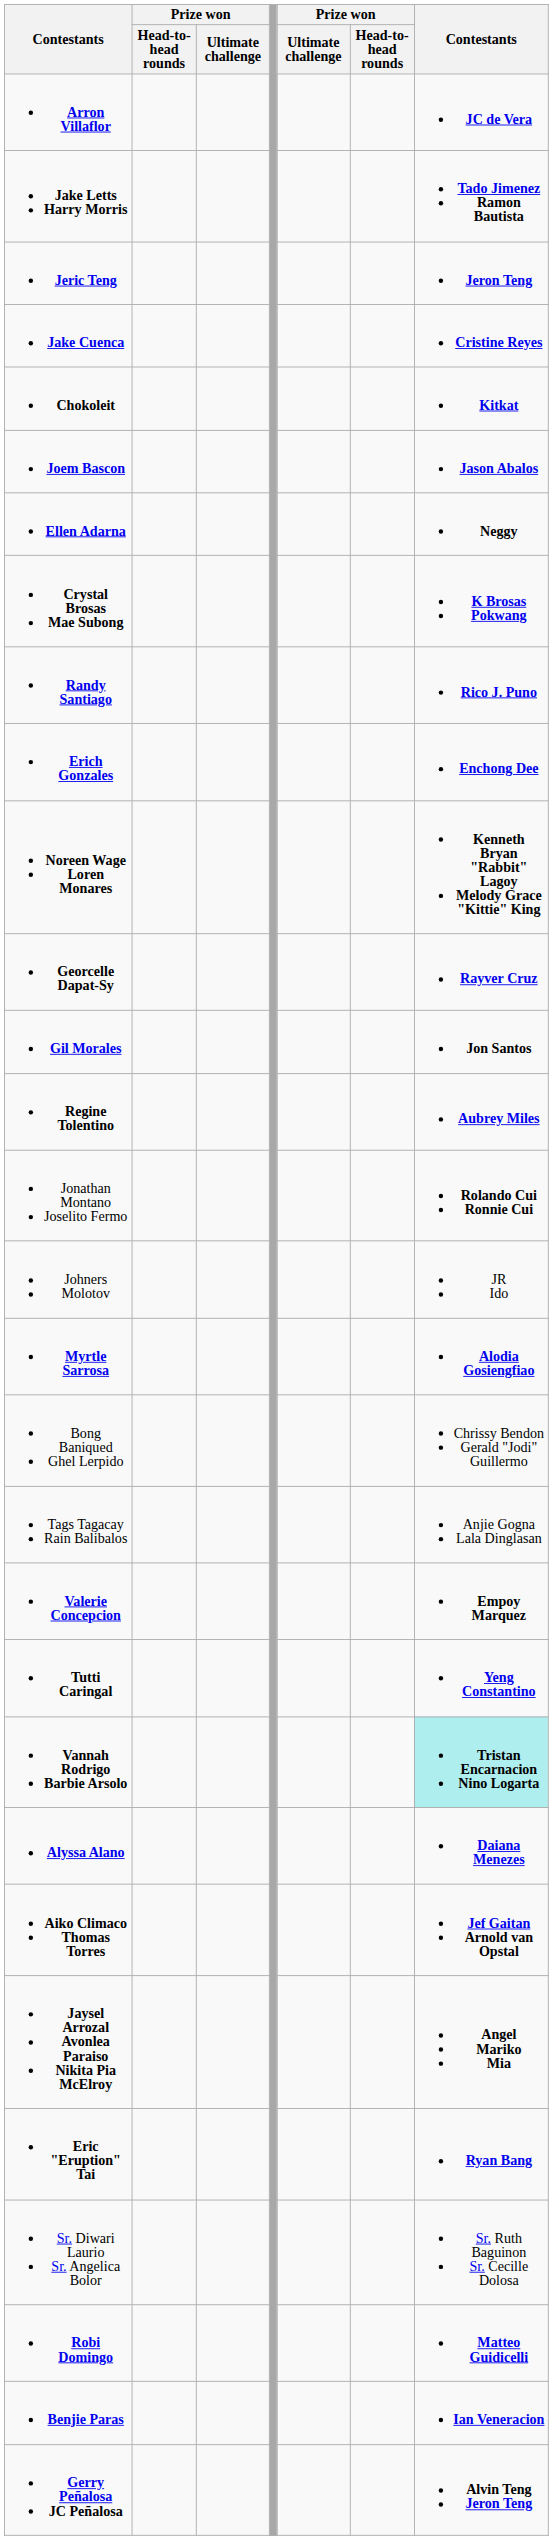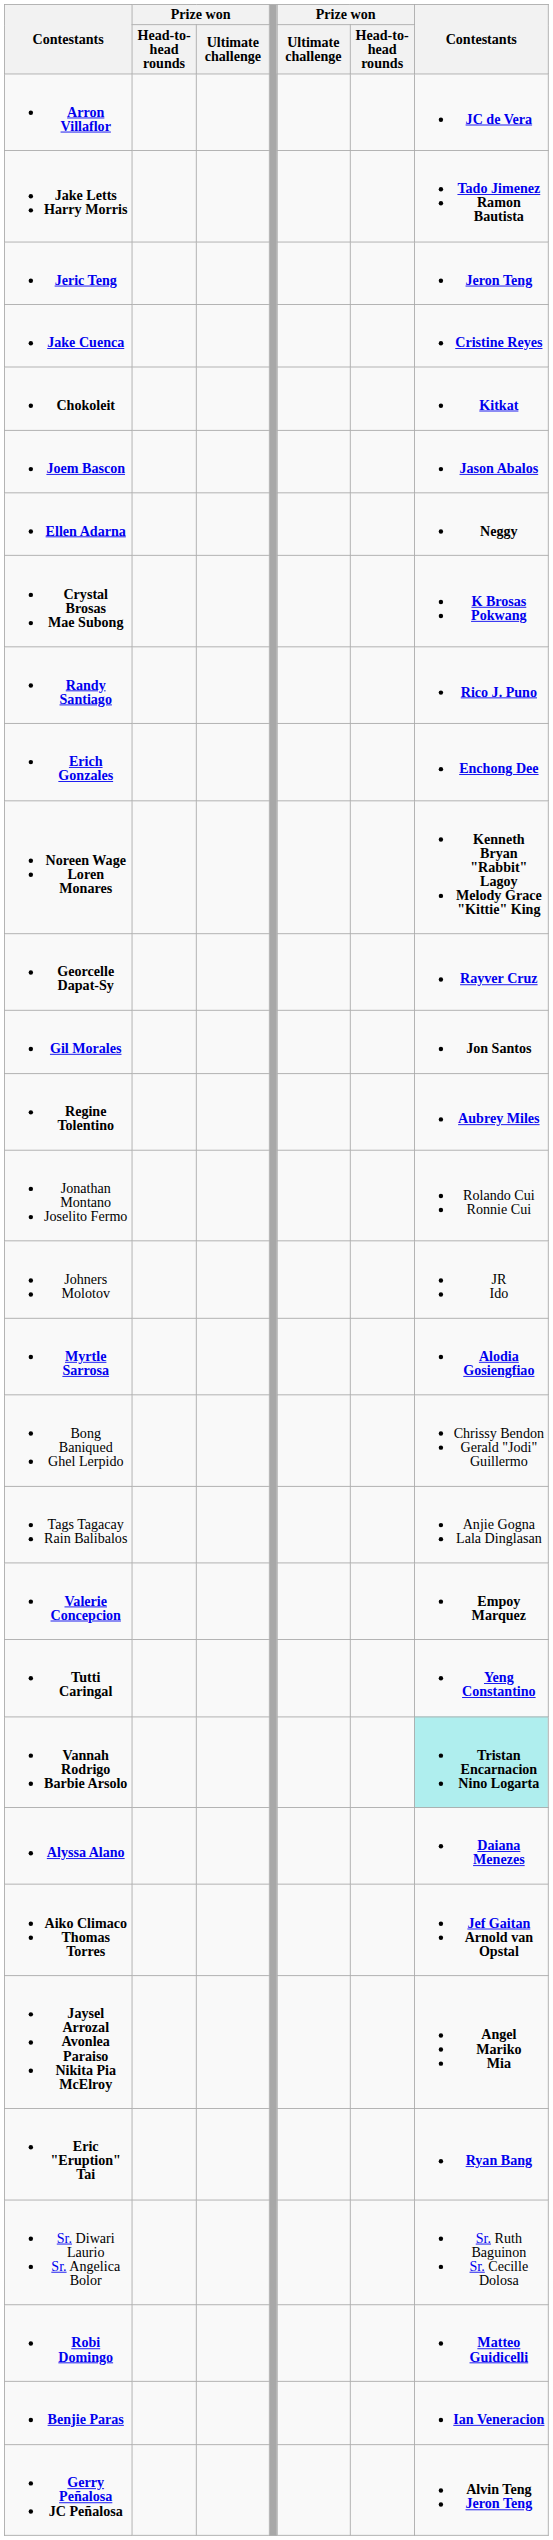 <table class="wikitable" style="text-align:center; line-height:16px; font-size:100%;" width="70%">
 <tr>
 <th rowspan="2" width="15%">Contestants</th>
 <th colspan="2" width="20%">Prize won</th>
 <th width="1%" rowspan="99" style="background:#A8A8A8;"></th>
 <th colspan="2" width="20%">Prize won</th>
 <th rowspan="2" width="15%">Contestants</th>
 </tr>
 <tr>
 <th width="10%">Head-to-head rounds</th>
 <th width="10%">Ultimate challenge</th>
 <th width="10%">Ultimate challenge</th>
 <th width="10%">Head-to-head rounds</th>
 </tr>
 <tr>
 <td><br><ul><li><strong><a href='#'>Arron Villaflor</a></strong></li></ul></td>
 <td><strong></strong></td>
 <td></td>
 <td></td>
 <td></td>
 <td><br><ul><li><strong><a href='#'>JC de Vera</a></strong></li></ul></td>
 </tr>
 <tr>
 <td><br><ul><li><strong>Jake Letts</strong></li><li><strong>Harry Morris</strong></li></ul></td>
 <td><strong></strong></td>
 <td><strong></strong></td>
 <td></td>
 <td></td>
 <td><br><ul><li><strong><a href='#'>Tado Jimenez</a></strong></li><li><strong>Ramon Bautista</strong></li></ul></td>
 </tr>
 <tr>
 <td><br><ul><li><strong><a href='#'>Jeric Teng</a></strong></li></ul></td>
 <td></td>
 <td></td>
 <td><strong></strong></td>
 <td><strong></strong></td>
 <td><br><ul><li><strong><a href='#'>Jeron Teng</a></strong></li></ul></td>
 </tr>
 <tr>
 <td><br><ul><li><strong><a href='#'>Jake Cuenca</a></strong></li></ul></td>
 <td></td>
 <td></td>
 <td></td>
 <td><strong></strong></td>
 <td><br><ul><li><strong><a href='#'>Cristine Reyes</a></strong></li></ul></td>
 </tr>
 <tr>
 <td><br><ul><li><strong>Chokoleit</strong></li></ul></td>
 <td></td>
 <td></td>
 <td></td>
 <td><strong></strong></td>
 <td><br><ul><li><strong><a href='#'>Kitkat</a></strong></li></ul></td>
 </tr>
 <tr>
 <td><br><ul><li><strong><a href='#'>Joem Bascon</a></strong></li></ul></td>
 <td></td>
 <td></td>
 <td></td>
 <td><strong></strong></td>
 <td><br><ul><li><strong><a href='#'>Jason Abalos</a></strong></li></ul></td>
 </tr>
 <tr>
 <td><br><ul><li><strong><a href='#'>Ellen Adarna</a></strong></li></ul></td>
 <td></td>
 <td></td>
 <td></td>
 <td><strong></strong></td>
 <td><br><ul><li><strong>Neggy</strong></li></ul></td>
 </tr>
 <tr>
 <td><br><ul><li><strong>Crystal Brosas</strong></li><li><strong>Mae Subong</strong></li></ul></td>
 <td><strong></strong></td>
 <td><strong></strong></td>
 <td></td>
 <td></td>
 <td><br><ul><li><strong><a href='#'>K Brosas</a></strong></li><li><strong><a href='#'>Pokwang</a></strong></li></ul></td>
 </tr>
 <tr>
 <td><br><ul><li><strong><a href='#'>Randy Santiago</a></strong></li></ul></td>
 <td><strong></strong></td>
 <td><strong></strong></td>
 <td></td>
 <td></td>
 <td><br><ul><li><strong><a href='#'>Rico J. Puno</a></strong></li></ul></td>
 </tr>
 <tr>
 <td><br><ul><li><strong><a href='#'>Erich Gonzales</a></strong></li></ul></td>
 <td></td>
 <td></td>
 <td><strong></strong></td>
 <td><strong></strong></td>
 <td><br><ul><li><strong><a href='#'>Enchong Dee</a></strong></li></ul></td>
 </tr>
 <tr>
 <td><br><ul><li><strong>Noreen Wage</strong></li><li><strong>Loren Monares</strong></li></ul></td>
 <td></td>
 <td></td>
 <td><strong></strong></td>
 <td></td>
 <td><br><ul><li><strong>Kenneth Bryan "Rabbit" Lagoy</strong></li><li><strong>Melody Grace "Kittie" King</strong></li></ul></td>
 </tr>
 <tr>
 <td><br><ul><li><strong>Georcelle Dapat-Sy</strong></li></ul></td>
 <td><strong></strong></td>
 <td><strong></strong></td>
 <td></td>
 <td></td>
 <td><br><ul><li><strong><a href='#'>Rayver Cruz</a></strong></li></ul></td>
 </tr>
 <tr>
 <td><br><ul><li><strong><a href='#'>Gil Morales</a></strong></li></ul></td>
 <td></td>
 <td></td>
 <td><strong></strong></td>
 <td><strong></strong></td>
 <td><br><ul><li><strong>Jon Santos</strong></li></ul></td>
 </tr>
 <tr>
 <td><br><ul><li><strong>Regine Tolentino</strong></li></ul></td>
 <td></td>
 <td><strong></strong></td>
 <td></td>
 <td></td>
 <td><br><ul><li><strong><a href='#'>Aubrey Miles</a></strong></li></ul></td>
 </tr>
 <tr>
 <td><br><ul><li>Jonathan Montano</li><li>Joselito Fermo</li></ul></td>
 <td></td>
 <td></td>
 <td></td>
 <td><strong></strong></td>
-<td><strong><br><ul><li>Rolando Cui</li><li>Ronnie Cui</li></ul></strong></td>
+<td><br><ul><li>Rolando Cui</li><li>Ronnie Cui</li></ul></td>
 </tr>
 <tr>
 <td><br><ul><li>Johners</li><li>Molotov</li></ul></td>
 <td><strong></strong></td>
 <td><strong></strong></td>
 <td></td>
 <td></td>
 <td><br><ul><li>JR</li><li>Ido</li></ul></td>
 </tr>
 <tr>
 <td><br><ul><li><strong><a href='#'>Myrtle Sarrosa</a></strong></li></ul></td>
 <td><strong></strong></td>
 <td></td>
 <td></td>
 <td></td>
 <td><br><ul><li><strong><a href='#'>Alodia Gosiengfiao</a></strong></li></ul></td>
 </tr>
 <tr>
 <td><br><ul><li>Bong Baniqued</li><li>Ghel Lerpido</li></ul></td>
 <td><strong></strong></td>
 <td></td>
 <td></td>
 <td></td>
 <td><br><ul><li>Chrissy Bendon</li><li>Gerald "Jodi" Guillermo</li></ul></td>
 </tr>
 <tr>
 <td><br><ul><li>Tags Tagacay</li><li>Rain Balibalos</li></ul></td>
 <td><strong></strong></td>
 <td><strong></strong></td>
 <td></td>
 <td></td>
 <td><br><ul><li>Anjie Gogna</li><li>Lala Dinglasan</li></ul></td>
 </tr>
 <tr>
 <td><br><ul><li><strong><a href='#'>Valerie Concepcion</a></strong></li></ul></td>
 <td></td>
 <td></td>
 <td></td>
 <td><strong></strong></td>
 <td><br><ul><li><strong>Empoy Marquez</strong></li></ul></td>
 </tr>
 <tr>
 <td><br><ul><li><strong>Tutti Caringal</strong></li></ul></td>
 <td><strong></strong></td>
 <td></td>
 <td></td>
 <td></td>
 <td><br><ul><li><strong><a href='#'>Yeng Constantino</a></strong></li></ul></td>
 </tr>
 <tr>
 <td><br><ul><li><strong>Vannah Rodrigo</strong></li><li><strong>Barbie Arsolo</strong></li></ul></td>
 <td></td>
 <td></td>
 <td><strong></strong></td>
 <td><strong></strong></td>
 <td style="background: paleturquoise;"><br><ul><li><strong>Tristan Encarnacion</strong></li><li><strong>Nino Logarta</strong></li></ul></td>
 </tr>
 <tr>
 <td><br><ul><li><strong><a href='#'>Alyssa Alano</a></strong></li></ul></td>
 <td><strong></strong></td>
 <td></td>
 <td></td>
 <td></td>
 <td><br><ul><li><strong><a href='#'>Daiana Menezes</a></strong></li></ul></td>
 </tr>
 <tr>
 <td><br><ul><li><strong>Aiko Climaco</strong></li><li><strong>Thomas Torres</strong></li></ul></td>
 <td><strong></strong></td>
 <td><strong></strong></td>
 <td></td>
 <td></td>
 <td><br><ul><li><strong><a href='#'>Jef Gaitan</a></strong></li><li><strong>Arnold van Opstal</strong></li></ul></td>
 </tr>
 <tr>
 <td><br><ul><li><strong>Jaysel Arrozal</strong></li><li><strong>Avonlea Paraiso</strong></li><li><strong>Nikita Pia McElroy</strong></li></ul></td>
 <td></td>
 <td></td>
 <td></td>
 <td><strong></strong></td>
 <td><br><ul><li><strong>Angel</strong></li><li><strong>Mariko</strong></li><li><strong>Mia</strong></li></ul></td>
 </tr>
 <tr>
 <td><br><ul><li><strong>Eric "Eruption" Tai</strong></li></ul></td>
 <td><strong></strong></td>
 <td></td>
 <td></td>
 <td></td>
 <td><br><ul><li><strong><a href='#'>Ryan Bang</a></strong></li></ul></td>
 </tr>
 <tr>
 <td><br><ul><li><a href='#'>Sr.</a> Diwari Laurio</li><li><a href='#'>Sr.</a> Angelica Bolor</li></ul></td>
 <td><strong></strong></td>
 <td><strong></strong></td>
 <td></td>
 <td></td>
 <td><br><ul><li><a href='#'>Sr.</a> Ruth Baguinon</li><li><a href='#'>Sr.</a> Cecille Dolosa</li></ul></td>
 </tr>
 <tr>
 <td><br><ul><li><strong><a href='#'>Robi Domingo</a></strong></li></ul></td>
 <td><strong></strong></td>
 <td></td>
 <td></td>
 <td></td>
 <td><br><ul><li><strong><a href='#'>Matteo Guidicelli</a></strong></li></ul></td>
 </tr>
 <tr>
 <td><br><ul><li><strong><a href='#'>Benjie Paras</a></strong></li></ul></td>
 <td></td>
 <td></td>
 <td></td>
 <td><strong></strong></td>
 <td><br><ul><li><strong><a href='#'>Ian Veneracion</a></strong></li></ul></td>
 </tr>
 <tr>
 <td><br><ul><li><strong><a href='#'>Gerry Peñalosa</a></strong></li><li><strong>JC Peñalosa</strong></li></ul></td>
 <td><strong></strong></td>
 <td><strong></strong></td>
 <td></td>
 <td></td>
 <td><br><ul><li><strong>Alvin Teng</strong></li><li><strong><a href='#'>Jeron Teng</a></strong></li></ul></td>
 </tr>
 </table>
